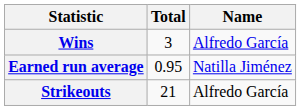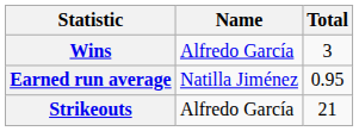 <table class="wikitable plainrowheaders">
 <tr>
 <th scope="col">Statistic</th>
+<th scope="col">Name</th>
 <th scope="col">Total</th>
-<th scope="col">Name</th>
 </tr>
 <tr>
 <th scope="row"><a href='#'>Wins</a></th>
+<td> <a href='#'>Alfredo García</a></td>
 <td align=center>3</td>
-<td> <a href='#'>Alfredo García</a></td>
 </tr>
 <tr>
 <th scope="row"><a href='#'>Earned run average</a></th>
+<td> <a href='#'>Natilla Jiménez</a></td>
 <td align=center>0.95</td>
-<td> <a href='#'>Natilla Jiménez</a></td>
 </tr>
 <tr>
 <th scope="row"><a href='#'>Strikeouts</a></th>
+<td> Alfredo García</td>
 <td align=center>21</td>
-<td> Alfredo García</td>
 </tr>
 </table>
